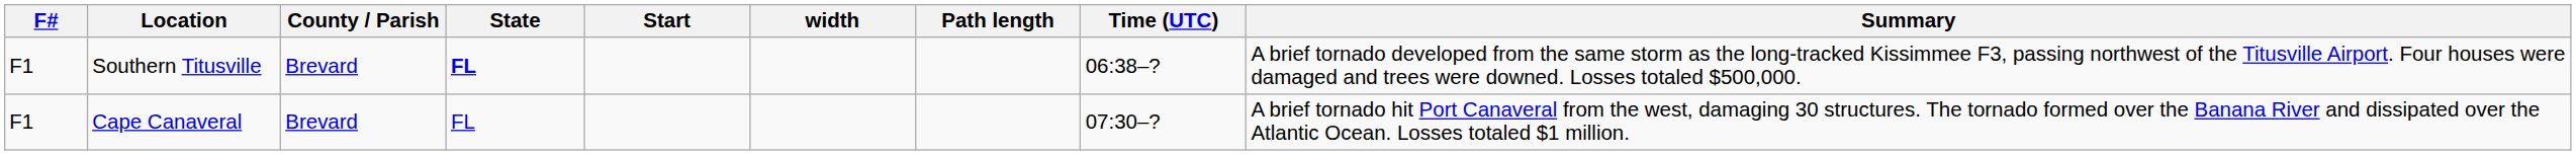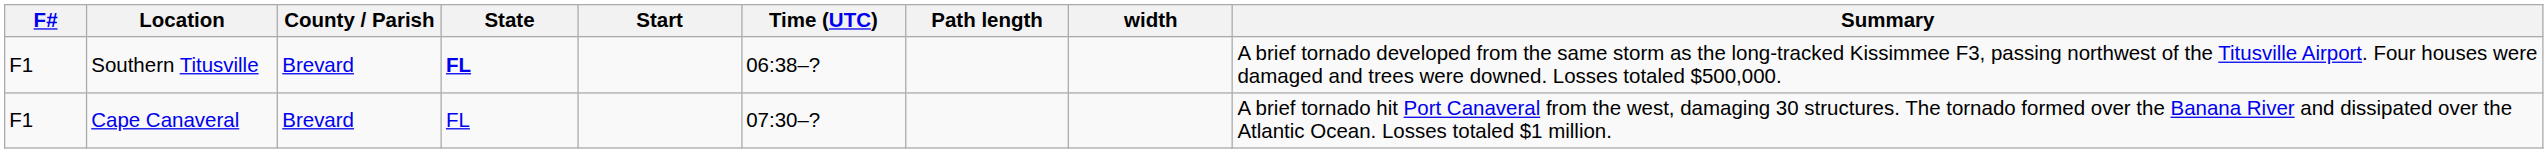 <table class="wikitable sortable" style="width:100%;">
 <tr>
 <th scope="col"  style="width:3%; text-align:center;"><a href='#'>F#</a></th>
 <th scope="col"  style="width:7%; text-align:center;" class="unsortable">Location</th>
 <th scope="col"  style="width:6%; text-align:center;" class="unsortable">County / Parish</th>
 <th scope="col"  style="width:5%; text-align:center;">State</th>
 <th scope="col"  style="width:6%; text-align:center;">Start<br></th>
+<th scope="col"  style="width:6%; text-align:center;">Time (<a href='#'>UTC</a>)</th>
+<th scope="col"  style="width:6%; text-align:center;">Path length</th>
 <th scope="col"  style="width:6%; text-align:center;"> width</th>
-<th scope="col"  style="width:6%; text-align:center;">Path length</th>
-<th scope="col"  style="width:6%; text-align:center;">Time (<a href='#'>UTC</a>)</th>
 <th scope="col" class="unsortable" style="width:48%; text-align:center;">Summary</th>
 </tr>
 <tr>
 <td>F1</td>
 <td>Southern <a href='#'>Titusville</a></td>
 <td><a href='#'>Brevard</a></td>
 <td><strong><a href='#'>FL</a></strong></td>
 <td></td>
+<td>06:38–?</td>
 <td></td>
 <td></td>
-<td>06:38–?</td>
 <td>A brief tornado developed from the same storm as the long-tracked Kissimmee F3, passing northwest of the <a href='#'>Titusville Airport</a>. Four houses were damaged and trees were downed. Losses totaled $500,000.</td>
 </tr>
 <tr>
 <td>F1</td>
 <td><a href='#'>Cape Canaveral</a></td>
 <td><a href='#'>Brevard</a></td>
 <td><a href='#'>FL</a></td>
 <td></td>
+<td>07:30–?</td>
 <td></td>
 <td></td>
-<td>07:30–?</td>
 <td>A brief tornado hit <a href='#'>Port Canaveral</a> from the west, damaging 30 structures. The tornado formed over the <a href='#'>Banana River</a> and dissipated over the Atlantic Ocean. Losses totaled $1 million.</td>
 </tr>
 </table>
